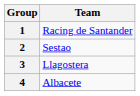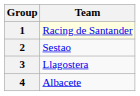 <table class="wikitable">
 <tr>
 <th>Group</th>
 <th>Team</th>
 </tr>
 <tr>
 <th>1</th>
-<td><a href='#'>Racing de Santander</a></td>
+<td style="background: lightyellow;"><a href='#'>Racing de Santander</a></td>
 </tr>
 <tr>
 <th>2</th>
 <td><a href='#'>Sestao</a></td>
 </tr>
 <tr>
 <th>3</th>
 <td><a href='#'>Llagostera</a></td>
 </tr>
 <tr>
 <th>4</th>
 <td><a href='#'>Albacete</a></td>
 </tr>
 </table>
